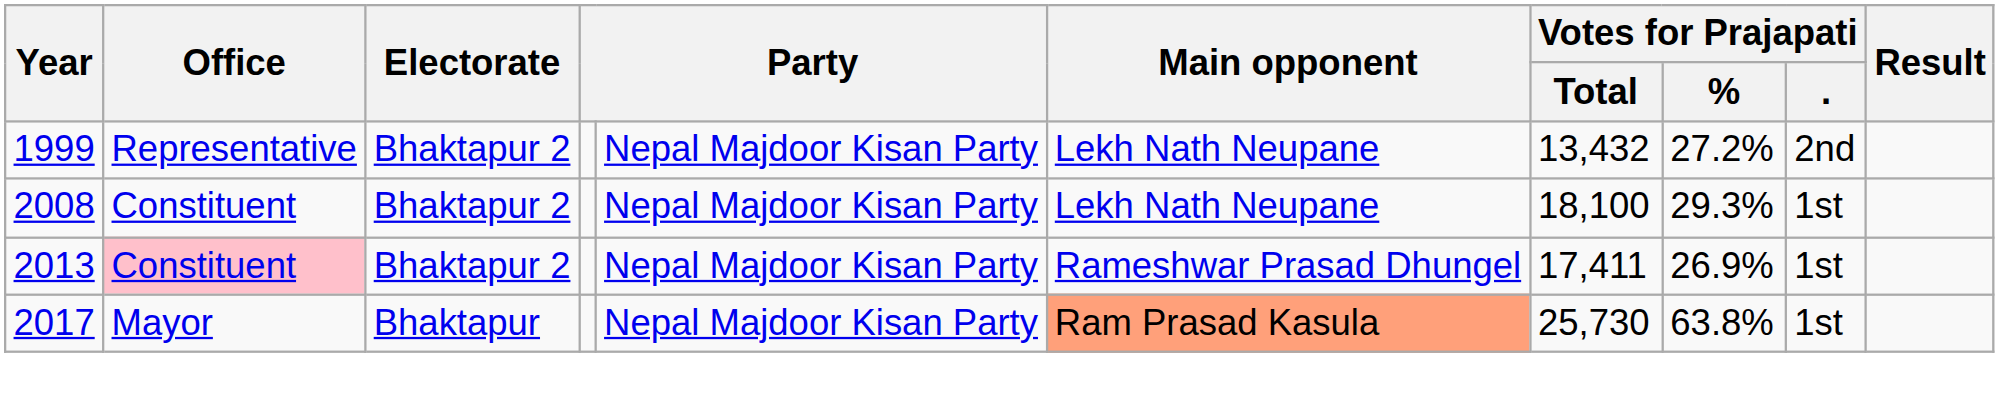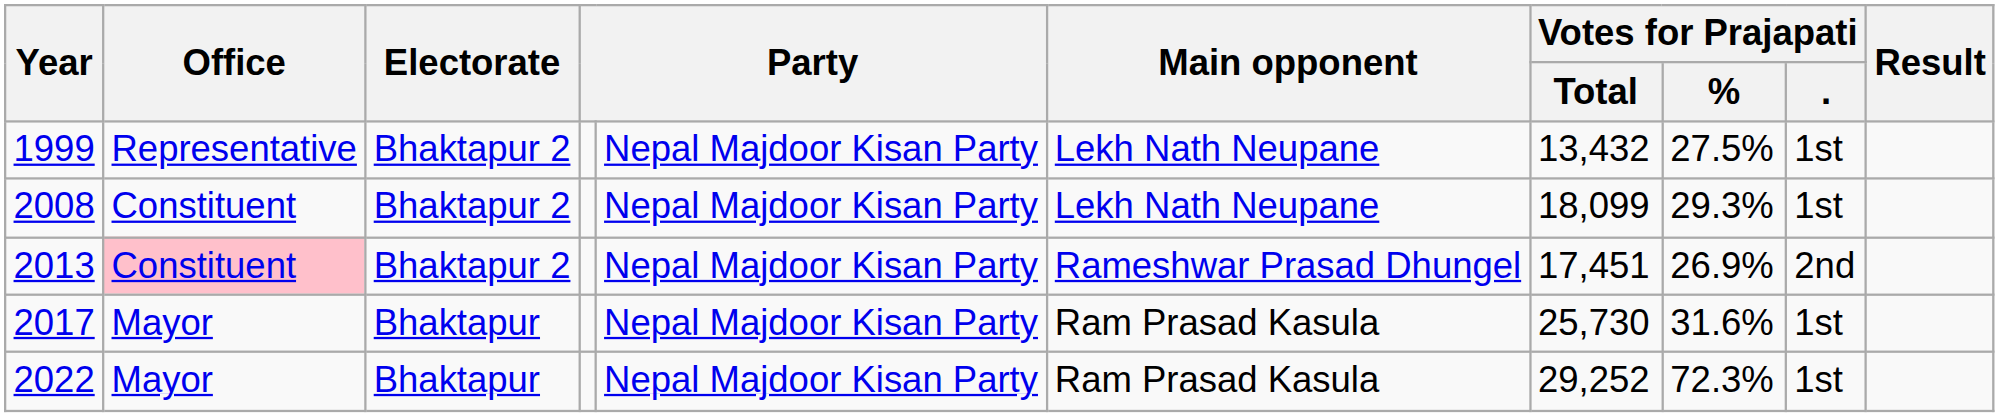 <table class="wikitable">
 <tr>
 <th rowspan="2">Year</th>
 <th rowspan="2">Office</th>
 <th rowspan="2">Electorate</th>
 <th colspan="2" rowspan="2">Party</th>
 <th rowspan="2">Main opponent</th>
 <th colspan="3">Votes for Prajapati</th>
 <th rowspan="2">Result</th>
 </tr>
 <tr>
 <th>Total</th>
 <th>%</th>
 <th>.</th>
 </tr>
 <tr>
 <td><a href='#'>1999</a></td>
 <td><a href='#'>Representative</a></td>
 <td><a href='#'>Bhaktapur 2</a></td>
 <td style="background-color:"><br></td>
 <td><a href='#'>Nepal Majdoor Kisan Party</a></td>
 <td><a href='#'>Lekh Nath Neupane</a></td>
 <td>13,432</td>
-<td>27.2%</td>
-<td>2nd</td>
+<td>27.5%</td>
+<td>1st</td>
 <td></td>
 </tr>
 <tr>
 <td><a href='#'>2008</a></td>
 <td><a href='#'>Constituent</a></td>
 <td><a href='#'>Bhaktapur 2</a></td>
 <td style="background-color:"><br></td>
 <td><a href='#'>Nepal Majdoor Kisan Party</a></td>
 <td><a href='#'>Lekh Nath Neupane</a></td>
-<td>18,100</td>
+<td>18,099</td>
 <td>29.3%</td>
 <td>1st</td>
 <td></td>
 </tr>
 <tr>
 <td><a href='#'>2013</a></td>
 <td style="background: pink;"><a href='#'>Constituent</a></td>
 <td><a href='#'>Bhaktapur 2</a></td>
 <td style="background-color:"><br></td>
 <td><a href='#'>Nepal Majdoor Kisan Party</a></td>
 <td><a href='#'>Rameshwar Prasad Dhungel</a></td>
-<td>17,411</td>
+<td>17,451</td>
 <td>26.9%</td>
-<td>1st</td>
+<td>2nd</td>
 <td></td>
 </tr>
 <tr>
 <td><a href='#'>2017</a></td>
 <td><a href='#'>Mayor</a></td>
 <td><a href='#'>Bhaktapur</a></td>
 <td style="background-color:"><br></td>
 <td><a href='#'>Nepal Majdoor Kisan Party</a></td>
-<td style="background: lightsalmon;">Ram Prasad Kasula</td>
+<td>Ram Prasad Kasula</td>
 <td>25,730</td>
-<td>63.8%</td>
+<td>31.6%</td>
+<td>1st</td>
+<td></td>
+</tr>
+<tr>
+<td><a href='#'>2022</a></td>
+<td><a href='#'>Mayor</a></td>
+<td><a href='#'>Bhaktapur</a></td>
+<td style="background-color:"><br></td>
+<td><a href='#'>Nepal Majdoor Kisan Party</a></td>
+<td>Ram Prasad Kasula</td>
+<td>29,252</td>
+<td>72.3%</td>
 <td>1st</td>
 <td></td>
 </tr>
 </table>
